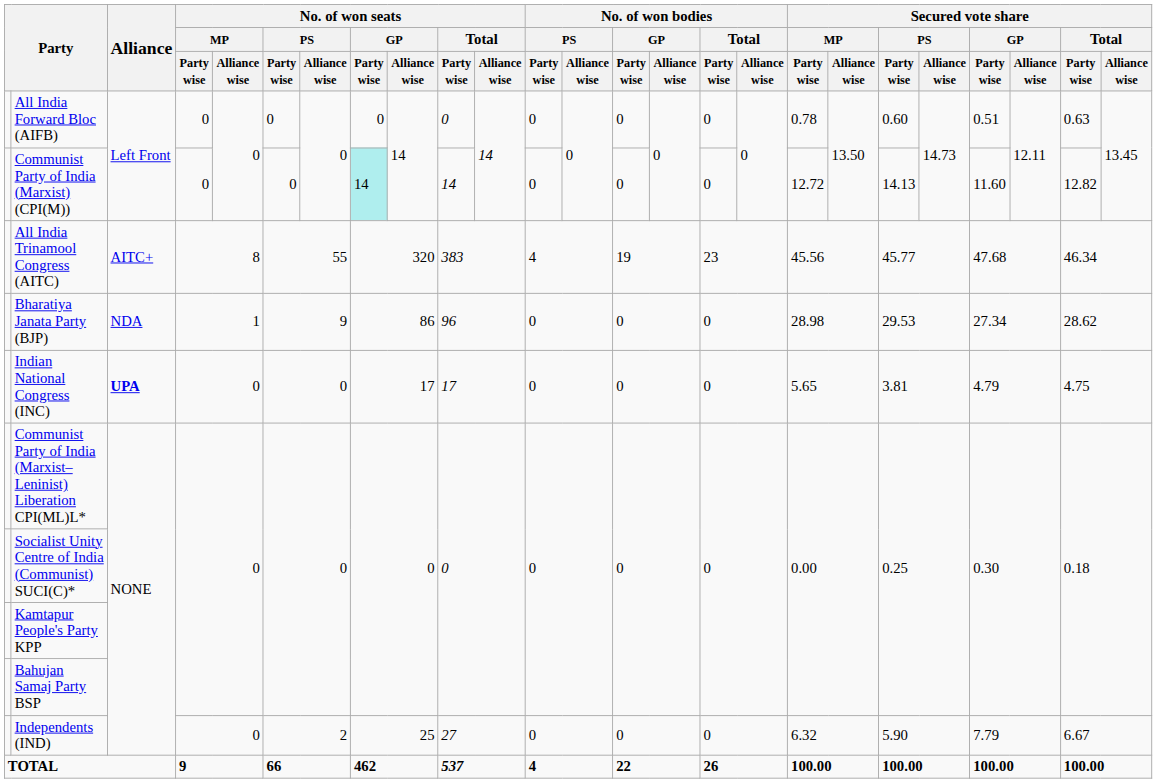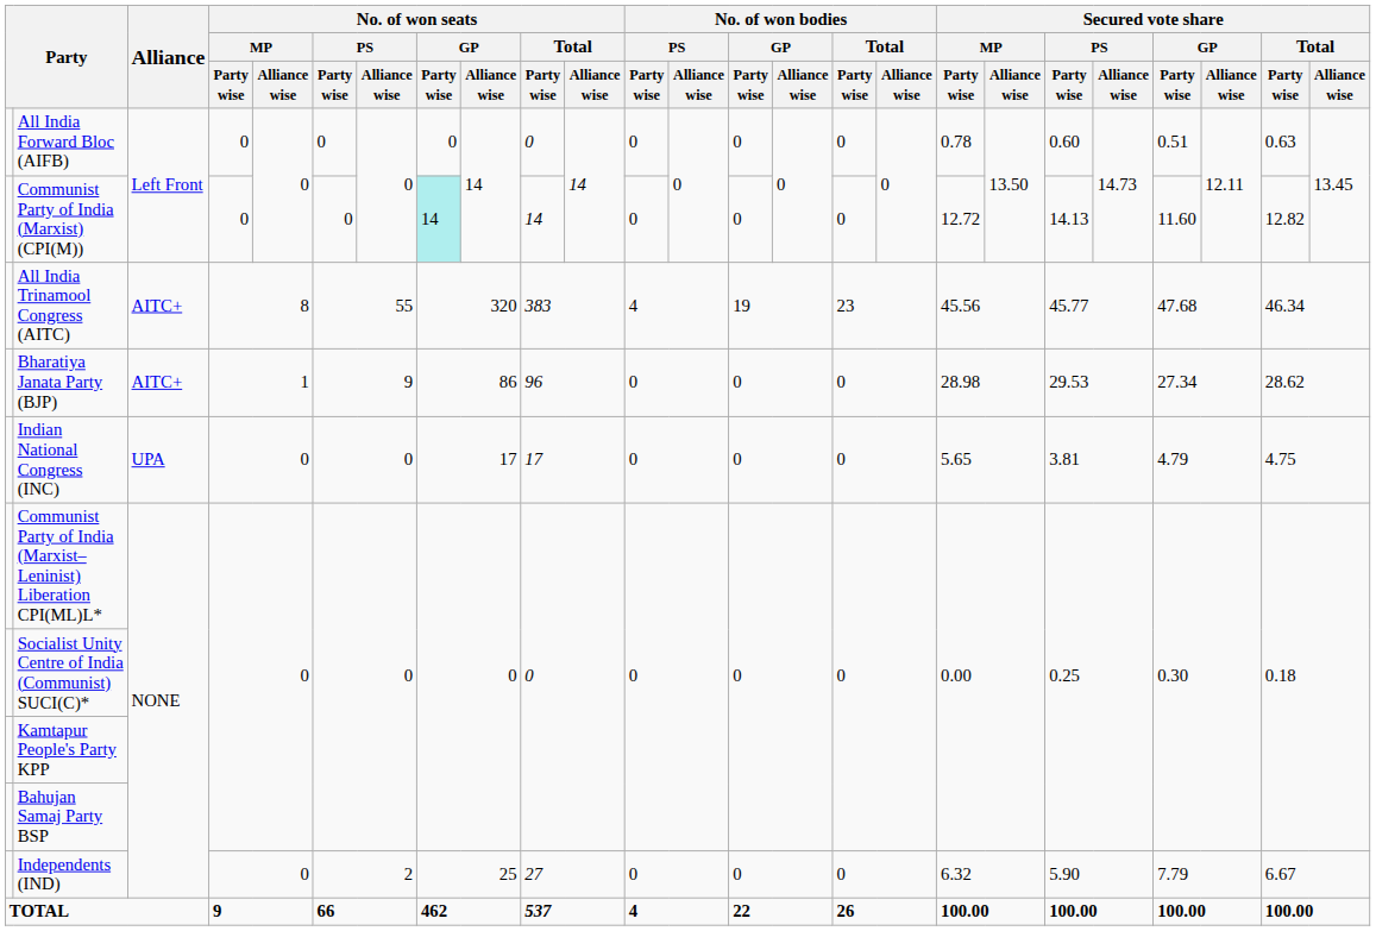 <table class="wikitable">
 <tr>
 <th colspan="2" rowspan="3">Party</th>
 <th rowspan="3"><big>Alliance</big></th>
 <th colspan="8">No. of won seats</th>
 <th colspan="6">No. of won bodies</th>
 <th colspan="8">Secured vote share</th>
 </tr>
 <tr>
 <th colspan="2"><small>MP</small></th>
 <th colspan="2"><small>PS</small></th>
 <th colspan="2"><small>GP</small></th>
 <th colspan="2">Total</th>
 <th colspan="2"><small>PS</small></th>
 <th colspan="2"><small>GP</small></th>
 <th colspan="2">Total</th>
 <th colspan="2"><small>MP</small></th>
 <th colspan="2"><small>PS</small></th>
 <th colspan="2"><small>GP</small></th>
 <th colspan="2">Total</th>
 </tr>
 <tr>
 <th><small>Party wise</small></th>
 <th><small>Alliance wise</small></th>
 <th><small>Party wise</small></th>
 <th><small>Alliance wise</small></th>
 <th><small>Party wise</small></th>
 <th><small>Alliance wise</small></th>
 <th><small>Party wise</small></th>
 <th><small>Alliance wise</small></th>
 <th><small>Party wise</small></th>
 <th><small>Alliance wise</small></th>
 <th><small>Party wise</small></th>
 <th><small>Alliance wise</small></th>
 <th><small>Party wise</small></th>
 <th><small>Alliance wise</small></th>
 <th><small>Party wise</small></th>
 <th><small>Alliance wise</small></th>
 <th><small>Party wise</small></th>
 <th><small>Alliance wise</small></th>
 <th><small>Party wise</small></th>
 <th><small>Alliance wise</small></th>
 <th><small>Party wise</small></th>
 <th><small>Alliance wise</small></th>
 </tr>
 <tr>
 <td></td>
 <td><a href='#'>All India Forward Bloc</a> (AIFB)</td>
 <td rowspan="2"><a href='#'>Left Front</a></td>
 <td style="text-align:right">0</td>
 <td rowspan="2" style="text-align:right">0</td>
 <td>0</td>
 <td rowspan="2" style="text-align:right">0</td>
 <td style="text-align:right">0</td>
 <td rowspan="2">14</td>
 <td><em>0</em></td>
 <td rowspan="2"><em>14</em></td>
 <td>0</td>
 <td rowspan="2">0</td>
 <td>0</td>
 <td rowspan="2">0</td>
 <td>0</td>
 <td rowspan="2">0</td>
 <td>0.78</td>
 <td rowspan="2">13.50</td>
 <td>0.60</td>
 <td rowspan="2">14.73</td>
 <td>0.51</td>
 <td rowspan="2">12.11</td>
 <td>0.63</td>
 <td rowspan="2">13.45</td>
 </tr>
 <tr>
 <td></td>
 <td><a href='#'>Communist Party of India (Marxist)</a> (CPI(M))</td>
 <td style="text-align:right">0</td>
 <td style="text-align:right">0</td>
 <td style="background: paleturquoise;">14</td>
 <td><em>14</em></td>
 <td>0</td>
 <td>0</td>
 <td>0</td>
 <td>12.72</td>
 <td>14.13</td>
 <td>11.60</td>
 <td>12.82</td>
 </tr>
 <tr>
 <td></td>
 <td><a href='#'>All India Trinamool Congress</a> (AITC)</td>
 <td><a href='#'>AITC+</a></td>
 <td colspan="2" style="text-align:right">8</td>
 <td colspan="2" style="text-align:right">55</td>
 <td colspan="2" style="text-align:right">320</td>
 <td colspan="2"><em>383</em></td>
 <td colspan="2">4</td>
 <td colspan="2">19</td>
 <td colspan="2">23</td>
 <td colspan="2">45.56</td>
 <td colspan="2">45.77</td>
 <td colspan="2">47.68</td>
 <td colspan="2">46.34</td>
 </tr>
 <tr>
 <td></td>
 <td><a href='#'>Bharatiya Janata Party</a> (BJP)</td>
-<td><a href='#'>NDA</a></td>
+<td><a href='#'>AITC+</a></td>
 <td colspan="2" style="text-align:right">1</td>
 <td colspan="2" style="text-align:right">9</td>
 <td colspan="2" style="text-align:right">86</td>
 <td colspan="2"><em>96</em></td>
 <td colspan="2">0</td>
 <td colspan="2">0</td>
 <td colspan="2">0</td>
 <td colspan="2">28.98</td>
 <td colspan="2">29.53</td>
 <td colspan="2">27.34</td>
 <td colspan="2">28.62</td>
 </tr>
 <tr>
 <td></td>
 <td><a href='#'>Indian National Congress</a> (INC)</td>
-<td><strong><a href='#'>UPA</a></strong></td>
+<td><a href='#'>UPA</a></td>
 <td colspan="2" style="text-align:right">0</td>
 <td colspan="2" style="text-align:right">0</td>
 <td colspan="2" style="text-align:right">17</td>
 <td colspan="2"><em>17</em></td>
 <td colspan="2">0</td>
 <td colspan="2">0</td>
 <td colspan="2">0</td>
 <td colspan="2">5.65</td>
 <td colspan="2">3.81</td>
 <td colspan="2">4.79</td>
 <td colspan="2">4.75</td>
 </tr>
 <tr>
 <td></td>
 <td><a href='#'>Communist Party of India (Marxist–Leninist) Liberation</a> CPI(ML)L*</td>
 <td rowspan="5">NONE</td>
 <td colspan="2" rowspan="4" style="text-align:right">0</td>
 <td colspan="2" rowspan="4" style="text-align:right">0</td>
 <td colspan="2" rowspan="4" style="text-align:right">0</td>
 <td colspan="2" rowspan="4"><em>0</em></td>
 <td colspan="2" rowspan="4">0</td>
 <td colspan="2" rowspan="4">0</td>
 <td colspan="2" rowspan="4">0</td>
 <td colspan="2" rowspan="4">0.00</td>
 <td colspan="2" rowspan="4">0.25</td>
 <td colspan="2" rowspan="4">0.30</td>
 <td colspan="2" rowspan="4">0.18</td>
 </tr>
 <tr>
 <td></td>
 <td><a href='#'>Socialist Unity Centre of India (Communist)</a> SUCI(C)*</td>
 </tr>
 <tr>
 <td></td>
 <td><a href='#'>Kamtapur People's Party</a> KPP</td>
 </tr>
 <tr>
 <td></td>
 <td><a href='#'>Bahujan Samaj Party</a> BSP</td>
 </tr>
 <tr>
 <td></td>
 <td><a href='#'>Independents</a> (IND)</td>
 <td colspan="2" style="text-align:right">0</td>
 <td colspan="2" style="text-align:right">2</td>
 <td colspan="2" style="text-align:right">25</td>
 <td colspan="2"><em>27</em></td>
 <td colspan="2">0</td>
 <td colspan="2">0</td>
 <td colspan="2">0</td>
 <td colspan="2">6.32</td>
 <td colspan="2">5.90</td>
 <td colspan="2">7.79</td>
 <td colspan="2">6.67</td>
 </tr>
 <tr>
 <td colspan="3"><strong>TOTAL</strong></td>
 <td colspan="2"><strong>9</strong></td>
 <td colspan="2"><strong>66</strong></td>
 <td colspan="2"><strong>462</strong></td>
 <td colspan="2"><strong><em>537</em></strong></td>
 <td colspan="2"><strong>4</strong></td>
 <td colspan="2"><strong>22</strong></td>
 <td colspan="2"><strong>26</strong></td>
 <td colspan="2"><strong>100.00</strong></td>
 <td colspan="2"><strong>100.00</strong></td>
 <td colspan="2"><strong>100.00</strong></td>
 <td colspan="2"><strong>100.00</strong></td>
 </tr>
 </table>
